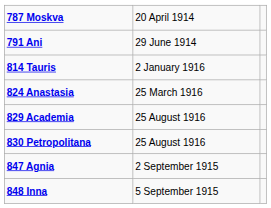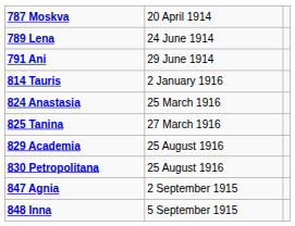 <table class="wikitable" style="font-size: 89%; float: left; width: 26em; margin-right: 1em; height: 280px;">
 <tr>
 <td><strong><a href='#'>787 Moskva</a></strong></td>
 <td>20 April 1914</td>
+<td></td>
+</tr>
+<tr>
+<td><strong><a href='#'>789 Lena</a></strong></td>
+<td>24 June 1914</td>
 <td></td>
 </tr>
 <tr>
 <td><strong><a href='#'>791 Ani</a></strong></td>
 <td>29 June 1914</td>
 <td></td>
 </tr>
 <tr>
 <td><strong><a href='#'>814 Tauris</a></strong></td>
 <td>2 January 1916</td>
 <td></td>
 </tr>
 <tr>
 <td><strong><a href='#'>824 Anastasia</a></strong></td>
 <td>25 March 1916</td>
+<td></td>
+</tr>
+<tr>
+<td><strong><a href='#'>825 Tanina</a></strong></td>
+<td>27 March 1916</td>
 <td></td>
 </tr>
 <tr>
 <td><strong><a href='#'>829 Academia</a></strong></td>
 <td>25 August 1916</td>
 <td></td>
 </tr>
 <tr>
 <td><strong><a href='#'>830 Petropolitana</a></strong></td>
 <td>25 August 1916</td>
 <td></td>
 </tr>
 <tr>
 <td><strong><a href='#'>847 Agnia</a></strong></td>
 <td>2 September 1915</td>
 <td></td>
 </tr>
 <tr>
 <td><strong><a href='#'>848 Inna</a></strong></td>
 <td>5 September 1915</td>
 <td></td>
 </tr>
 </table>
